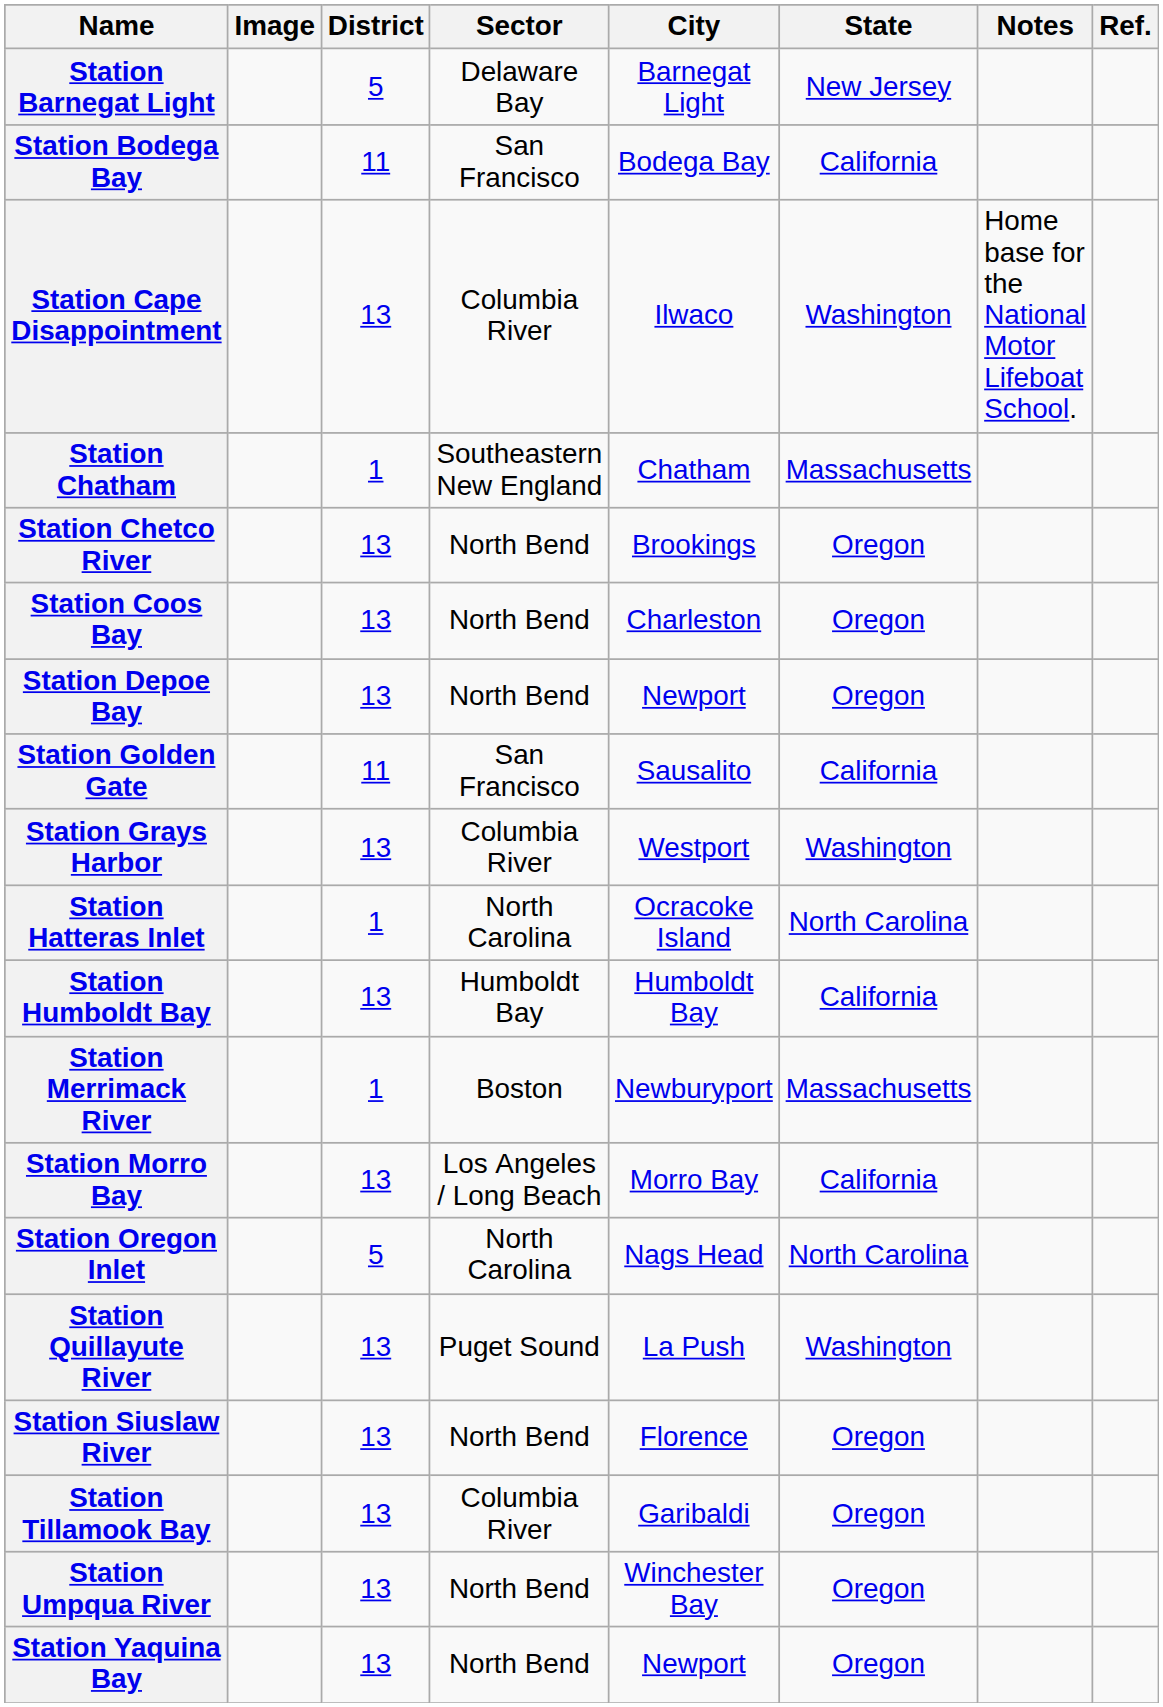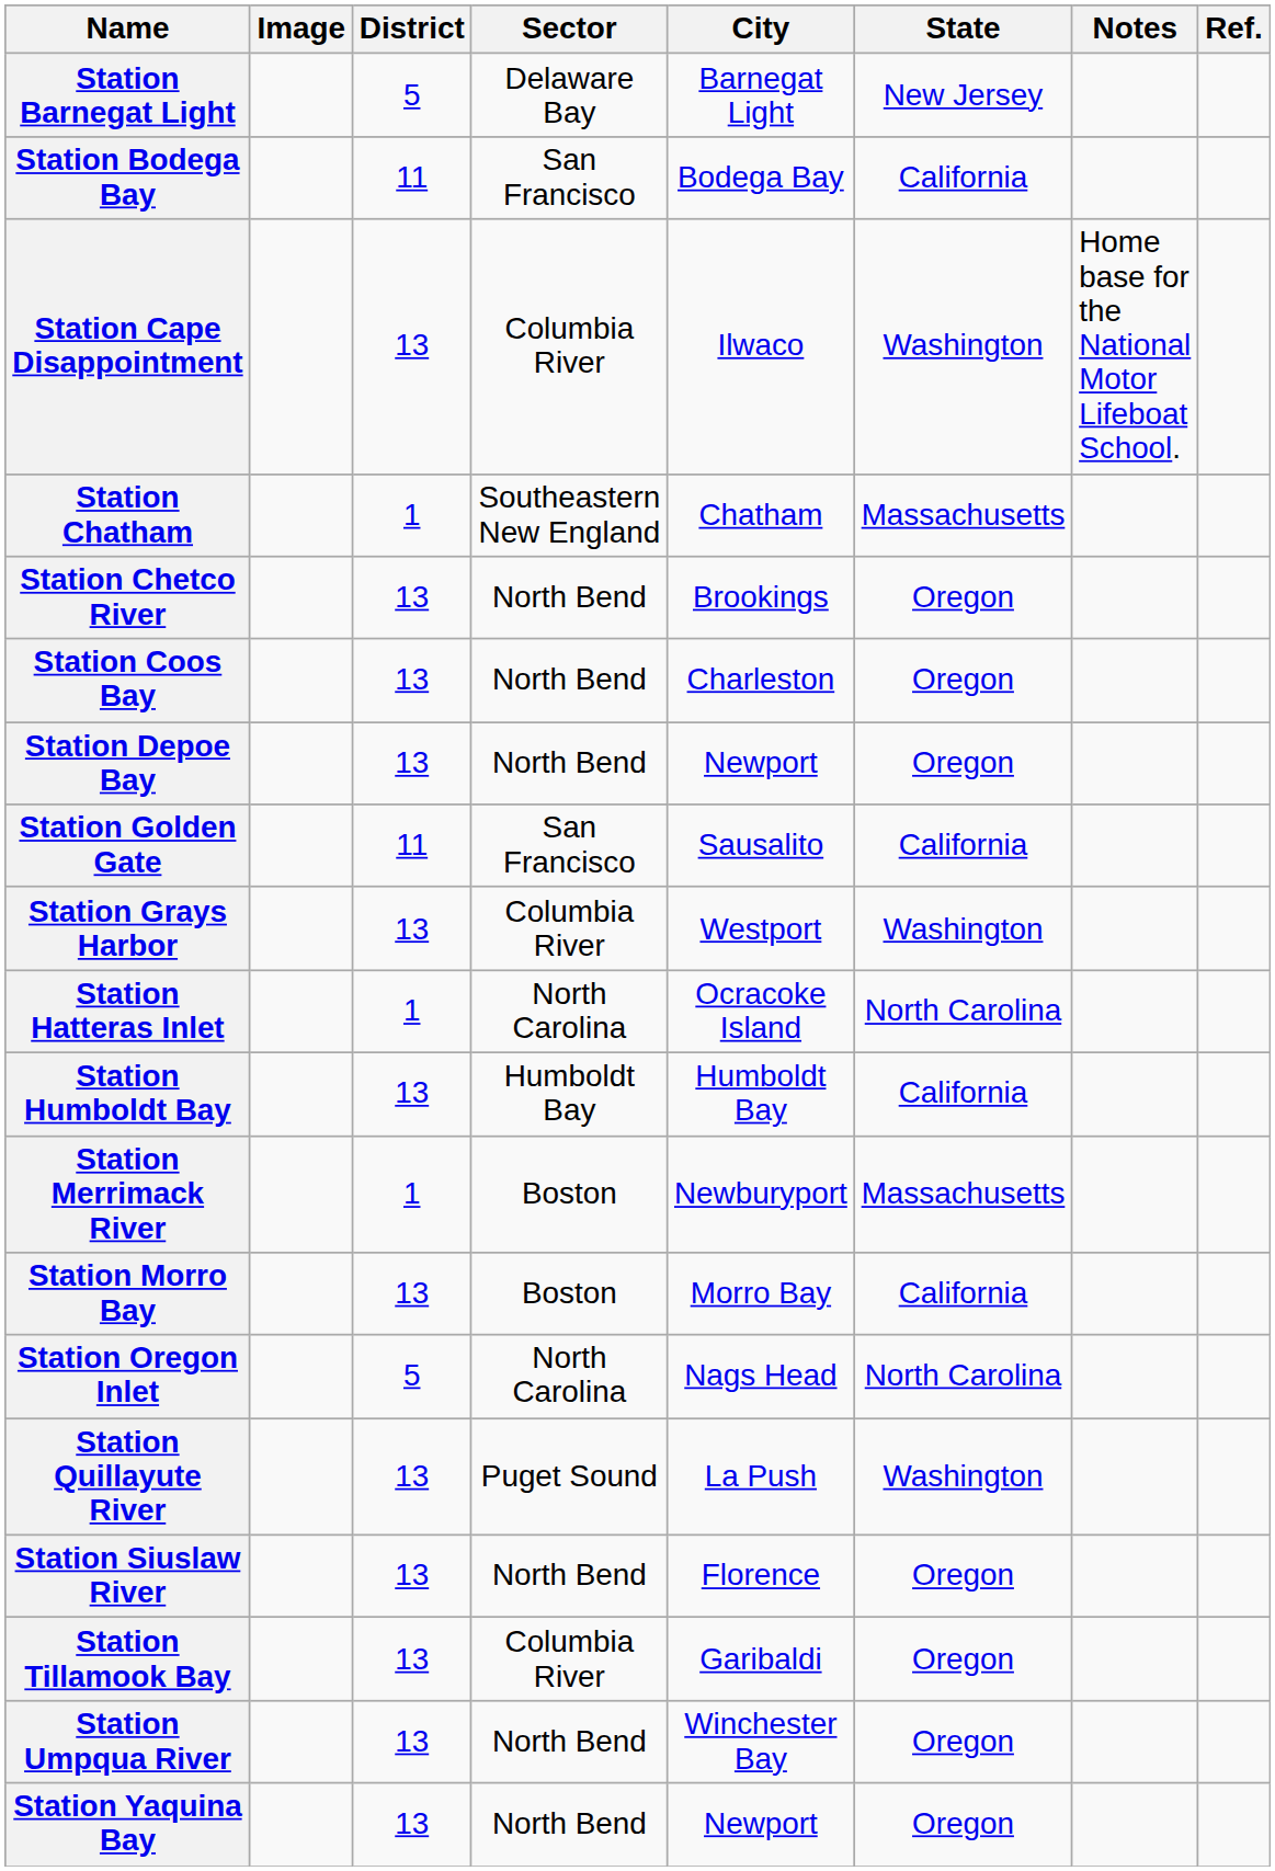 <table class="wikitable sortable" style="font-size:100%;text-align:center;">
 <tr>
 <th>Name</th>
 <th class="unsortable">Image</th>
 <th>District</th>
 <th>Sector</th>
 <th>City</th>
 <th>State</th>
 <th class="unsortable">Notes</th>
 <th class="unsortable">Ref.</th>
 </tr>
 <tr>
 <th><a href='#'>Station Barnegat Light</a></th>
 <td></td>
 <td><a href='#'>5</a></td>
 <td>Delaware Bay</td>
 <td><a href='#'>Barnegat Light</a></td>
 <td><a href='#'>New Jersey</a></td>
 <td style="text-align:left;"></td>
 <td></td>
 </tr>
 <tr>
 <th><a href='#'>Station Bodega Bay</a></th>
 <td></td>
 <td><a href='#'>11</a></td>
 <td>San Francisco</td>
 <td><a href='#'>Bodega Bay</a></td>
 <td><a href='#'>California</a></td>
 <td style="text-align:left;"></td>
 <td></td>
 </tr>
 <tr>
 <th><a href='#'>Station Cape Disappointment</a></th>
 <td></td>
 <td><a href='#'>13</a></td>
 <td>Columbia River</td>
 <td><a href='#'>Ilwaco</a></td>
 <td><a href='#'>Washington</a></td>
 <td style="text-align:left;">Home base for the <a href='#'>National Motor Lifeboat School</a>.</td>
 <td></td>
 </tr>
 <tr>
 <th><a href='#'>Station Chatham</a></th>
 <td></td>
 <td><a href='#'>1</a></td>
 <td>Southeastern New England</td>
 <td><a href='#'>Chatham</a></td>
 <td><a href='#'>Massachusetts</a></td>
 <td style="text-align:left;"></td>
 <td></td>
 </tr>
 <tr>
 <th><a href='#'>Station Chetco River</a></th>
 <td></td>
 <td><a href='#'>13</a></td>
 <td>North Bend</td>
 <td><a href='#'>Brookings</a></td>
 <td><a href='#'>Oregon</a></td>
 <td style="text-align:left;"></td>
 <td></td>
 </tr>
 <tr>
 <th><a href='#'>Station Coos Bay</a></th>
 <td></td>
 <td><a href='#'>13</a></td>
 <td>North Bend</td>
 <td><a href='#'>Charleston</a></td>
 <td><a href='#'>Oregon</a></td>
 <td style="text-align:left;"></td>
 <td></td>
 </tr>
 <tr>
 <th><a href='#'>Station Depoe Bay</a></th>
 <td></td>
 <td><a href='#'>13</a></td>
 <td>North Bend</td>
 <td><a href='#'>Newport</a></td>
 <td><a href='#'>Oregon</a></td>
 <td style="text-align:left;"></td>
 <td></td>
 </tr>
 <tr>
 <th><a href='#'>Station Golden Gate</a></th>
 <td></td>
 <td><a href='#'>11</a></td>
 <td>San Francisco</td>
 <td><a href='#'>Sausalito</a></td>
 <td><a href='#'>California</a></td>
 <td style="text-align:left;"></td>
 <td></td>
 </tr>
 <tr>
 <th><a href='#'>Station Grays Harbor</a></th>
 <td></td>
 <td><a href='#'>13</a></td>
 <td>Columbia River</td>
 <td><a href='#'>Westport</a></td>
 <td><a href='#'>Washington</a></td>
 <td style="text-align:left;"></td>
 <td></td>
 </tr>
 <tr>
 <th><a href='#'>Station Hatteras Inlet</a></th>
 <td></td>
 <td><a href='#'>1</a></td>
 <td>North Carolina</td>
 <td><a href='#'>Ocracoke Island</a></td>
 <td><a href='#'>North Carolina</a></td>
 <td style="text-align:left;"></td>
 <td></td>
 </tr>
 <tr>
 <th><a href='#'>Station Humboldt Bay</a></th>
 <td></td>
 <td><a href='#'>13</a></td>
 <td>Humboldt Bay</td>
 <td><a href='#'>Humboldt Bay</a></td>
 <td><a href='#'>California</a></td>
 <td style="text-align:left;"></td>
 <td></td>
 </tr>
 <tr>
 <th><a href='#'>Station Merrimack River</a></th>
 <td></td>
 <td><a href='#'>1</a></td>
 <td>Boston</td>
 <td><a href='#'>Newburyport</a></td>
 <td><a href='#'>Massachusetts</a></td>
 <td style="text-align:left;"></td>
 <td></td>
 </tr>
 <tr>
 <th><a href='#'>Station Morro Bay</a></th>
 <td></td>
 <td><a href='#'>13</a></td>
-<td>Los Angeles / Long Beach</td>
+<td>Boston</td>
 <td><a href='#'>Morro Bay</a></td>
 <td><a href='#'>California</a></td>
 <td style="text-align:left;"></td>
 <td></td>
 </tr>
 <tr>
 <th><a href='#'>Station Oregon Inlet</a></th>
 <td></td>
 <td><a href='#'>5</a></td>
 <td>North Carolina</td>
 <td><a href='#'>Nags Head</a></td>
 <td><a href='#'>North Carolina</a></td>
 <td style="text-align:left;"></td>
 <td></td>
 </tr>
 <tr>
 <th><a href='#'>Station Quillayute River</a></th>
 <td></td>
 <td><a href='#'>13</a></td>
 <td>Puget Sound</td>
 <td><a href='#'>La Push</a></td>
 <td><a href='#'>Washington</a></td>
 <td style="text-align:left;"></td>
 <td></td>
 </tr>
 <tr>
 <th><a href='#'>Station Siuslaw River</a></th>
 <td></td>
 <td><a href='#'>13</a></td>
 <td>North Bend</td>
 <td><a href='#'>Florence</a></td>
 <td><a href='#'>Oregon</a></td>
 <td style="text-align:left;"></td>
 <td></td>
 </tr>
 <tr>
 <th><a href='#'>Station Tillamook Bay</a></th>
 <td></td>
 <td><a href='#'>13</a></td>
 <td>Columbia River</td>
 <td><a href='#'>Garibaldi</a></td>
 <td><a href='#'>Oregon</a></td>
 <td style="text-align:left;"></td>
 <td></td>
 </tr>
 <tr>
 <th><a href='#'>Station Umpqua River</a></th>
 <td></td>
 <td><a href='#'>13</a></td>
 <td>North Bend</td>
 <td><a href='#'>Winchester Bay</a></td>
 <td><a href='#'>Oregon</a></td>
 <td style="text-align:left;"></td>
 <td></td>
 </tr>
 <tr>
 <th><a href='#'>Station Yaquina Bay</a></th>
 <td></td>
 <td><a href='#'>13</a></td>
 <td>North Bend</td>
 <td><a href='#'>Newport</a></td>
 <td><a href='#'>Oregon</a></td>
 <td style="text-align:left;"></td>
 <td></td>
 </tr>
 </table>
